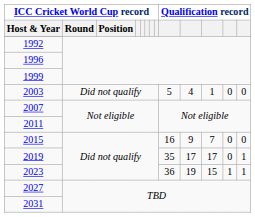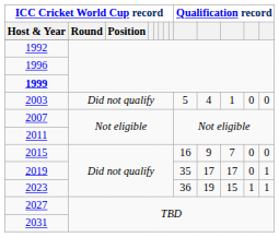 <table class="wikitable" style="text-align: center;">
 <tr>
 <th style="color:#002868; background:white;" colspan=8><a href='#'>ICC Cricket World Cup</a> record</th>
 <th style="color:#002868; background:white;" colspan=5><a href='#'>Qualification</a> record</th>
 </tr>
 <tr>
 <th scope="col">Host & Year</th>
 <th scope="col">Round</th>
 <th scope="col">Position</th>
 <th scope="col"></th>
 <th scope="col"></th>
 <th scope="col"></th>
 <th scope="col"></th>
 <th scope="col"></th>
 <th scope="col"></th>
 <th scope="col"></th>
 <th scope="col"></th>
 <th scope="col"></th>
 <th scope="col"></th>
 </tr>
 <tr>
 </tr>
 <tr>
 <td>  <a href='#'>1992</a></td>
 </tr>
 <tr>
 <td>   <a href='#'>1996</a></td>
 </tr>
 <tr>
-<td>     <a href='#'>1999</a></td>
+<td><strong>     <a href='#'>1999</a></strong></td>
 </tr>
 <tr>
 <td>   <a href='#'>2003</a></td>
 <td colspan="7"><em>Did not qualify</em></td>
 <td>5</td>
 <td>4</td>
 <td>1</td>
 <td>0</td>
 <td>0</td>
 </tr>
 <tr>
 <td> <a href='#'>2007</a></td>
 <td colspan="7" rowspan="2"><em>Not eligible</em></td>
 <td colspan="5" rowspan="2"><em>Not eligible</em></td>
 </tr>
 <tr>
 <td>   <a href='#'>2011</a></td>
 </tr>
 <tr>
 <td>  <a href='#'>2015</a></td>
 <td colspan="7" rowspan="3"><em>Did not qualify</em></td>
 <td>16</td>
 <td>9</td>
 <td>7</td>
 <td>0</td>
 <td>0</td>
 </tr>
 <tr>
 <td>  <a href='#'>2019</a></td>
 <td>35</td>
 <td>17</td>
 <td>17</td>
 <td>0</td>
 <td>1</td>
 </tr>
 <tr>
 <td> <a href='#'>2023</a></td>
 <td>36</td>
 <td>19</td>
 <td>15</td>
 <td>1</td>
 <td>1</td>
 </tr>
 <tr>
 <td>   <a href='#'>2027</a></td>
 <td colspan="12" rowspan="2"><em>TBD</em></td>
 </tr>
 <tr>
 <td> <a href='#'>2031</a></td>
 </tr>
 </table>
